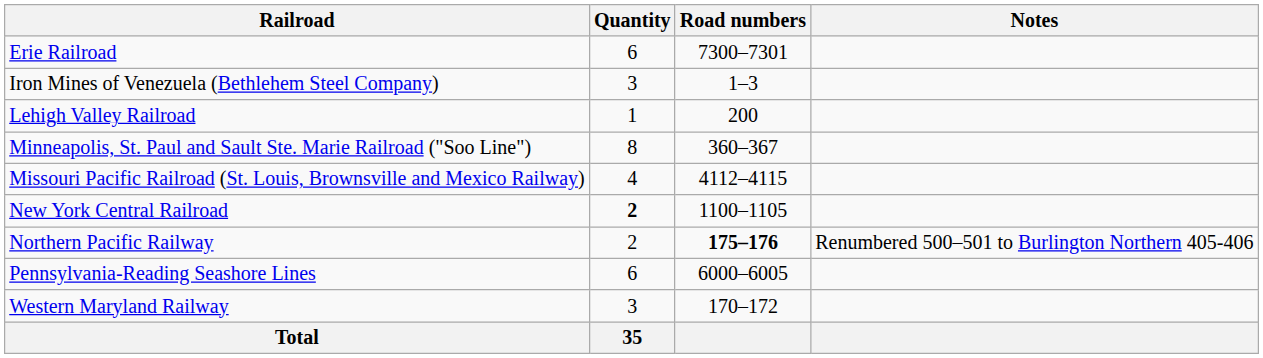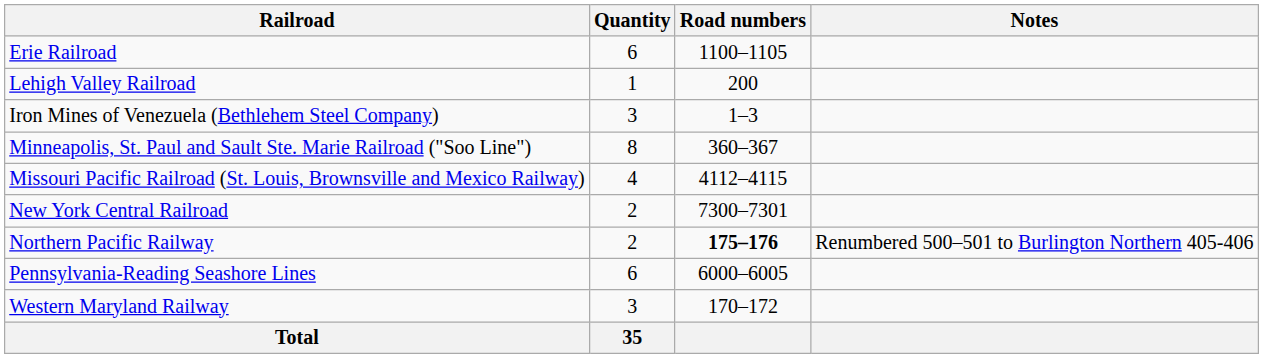 <table class="wikitable">
 <tr>
 <th>Railroad</th>
 <th>Quantity</th>
 <th>Road numbers</th>
 <th>Notes</th>
 </tr>
 <tr>
 <td><a href='#'>Erie Railroad</a></td>
 <td style="text-align: center;">6</td>
-<td style="text-align: center;">7300–7301</td>
+<td style="text-align: center;">1100–1105</td>
+<td></td>
+</tr>
+<tr>
+<td><a href='#'>Lehigh Valley Railroad</a></td>
+<td style="text-align: center;">1</td>
+<td style="text-align: center;">200</td>
 <td></td>
 </tr>
 <tr>
 <td>Iron Mines of Venezuela (<a href='#'>Bethlehem Steel Company</a>)</td>
 <td style="text-align: center;">3</td>
 <td style="text-align: center;">1–3</td>
-<td></td>
-</tr>
-<tr>
-<td><a href='#'>Lehigh Valley Railroad</a></td>
-<td style="text-align: center;">1</td>
-<td style="text-align: center;">200</td>
 <td></td>
 </tr>
 <tr>
 <td><a href='#'>Minneapolis, St. Paul and Sault Ste. Marie Railroad</a> ("Soo Line")</td>
 <td style="text-align: center;">8</td>
 <td style="text-align: center;">360–367</td>
 <td></td>
 </tr>
 <tr>
 <td><a href='#'>Missouri Pacific Railroad</a> (<a href='#'>St. Louis, Brownsville and Mexico Railway</a>)</td>
 <td style="text-align: center;">4</td>
 <td style="text-align: center;">4112–4115</td>
 <td></td>
 </tr>
 <tr>
 <td><a href='#'>New York Central Railroad</a></td>
-<td style="text-align: center;"><strong>2</strong></td>
-<td style="text-align: center;">1100–1105</td>
+<td style="text-align: center;">2</td>
+<td style="text-align: center;">7300–7301</td>
 <td></td>
 </tr>
 <tr>
 <td><a href='#'>Northern Pacific Railway</a></td>
 <td style="text-align: center;">2</td>
 <td style="text-align: center;"><strong>175–176</strong></td>
 <td>Renumbered 500–501 to <a href='#'>Burlington Northern</a> 405-406</td>
 </tr>
 <tr>
 <td><a href='#'>Pennsylvania-Reading Seashore Lines</a></td>
 <td style="text-align: center;">6</td>
 <td style="text-align: center;">6000–6005</td>
 <td></td>
 </tr>
 <tr>
 <td><a href='#'>Western Maryland Railway</a></td>
 <td style="text-align: center;">3</td>
 <td style="text-align: center;">170–172</td>
 <td></td>
 </tr>
 <tr>
 <th>Total</th>
 <th>35</th>
 <th></th>
 <th></th>
 </tr>
 </table>
